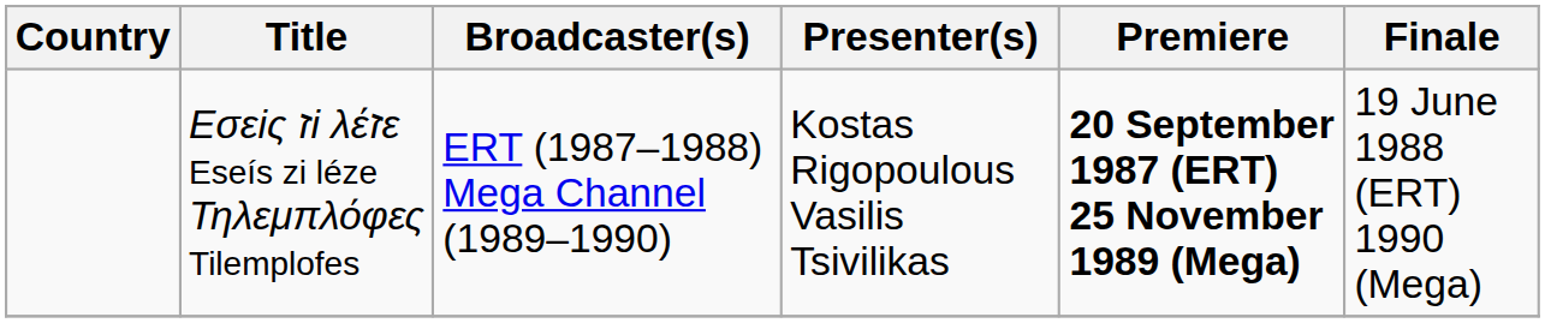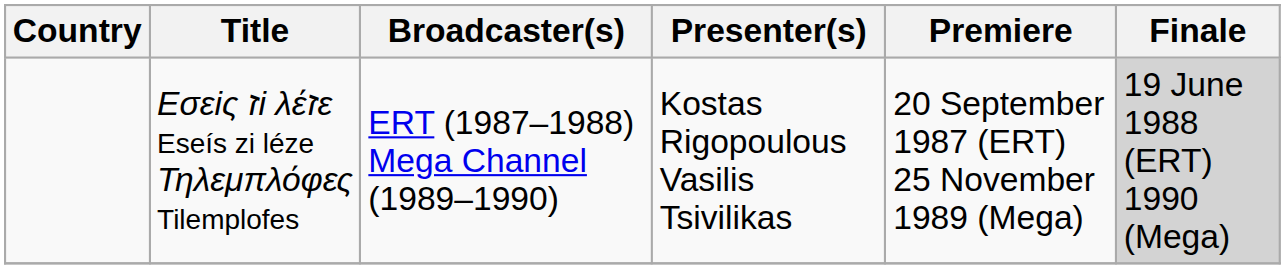 <table class="wikitable">
 <tr>
 <th>Country</th>
 <th>Title</th>
 <th>Broadcaster(s)</th>
 <th>Presenter(s)</th>
 <th>Premiere</th>
 <th>Finale</th>
 </tr>
 <tr>
 <td></td>
 <td><em>Εσεіς זi λέזε</em><br><small>Eseís zi léze</small><br><em>Τηλεμπλόφες</em><br><small>Tilemplofes</small></td>
 <td><a href='#'>ERT</a> (1987–1988)<br><a href='#'>Mega Channel</a> (1989–1990)</td>
 <td>Kostas Rigopoulous<br>Vasilis Tsivilikas</td>
-<td><strong>20 September 1987 (ERT)<br>25 November 1989 (Mega)</strong></td>
-<td>19 June 1988 (ERT)<br>1990 (Mega)</td>
+<td>20 September 1987 (ERT)<br>25 November 1989 (Mega)</td>
+<td style="background: lightgrey;">19 June 1988 (ERT)<br>1990 (Mega)</td>
 </tr>
 <tr>
 </tr>
 </table>
